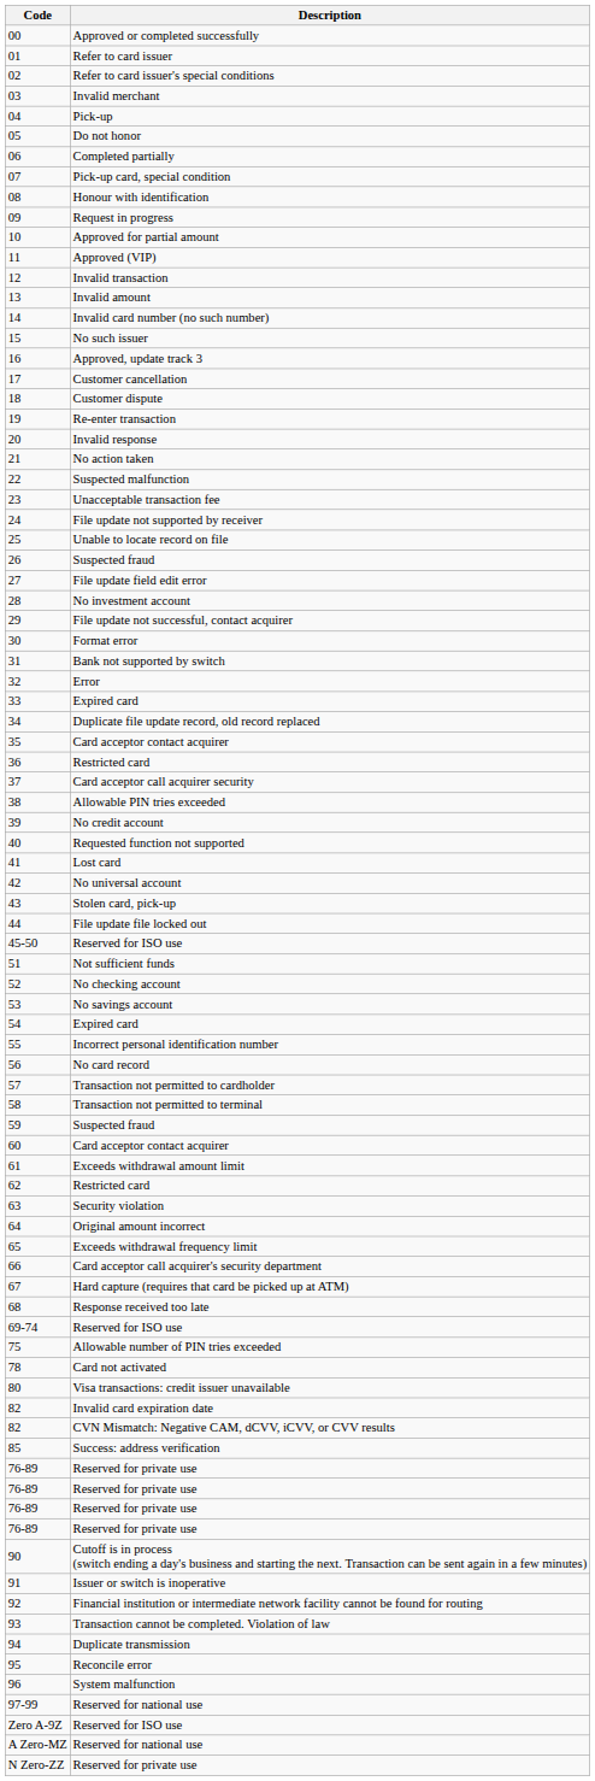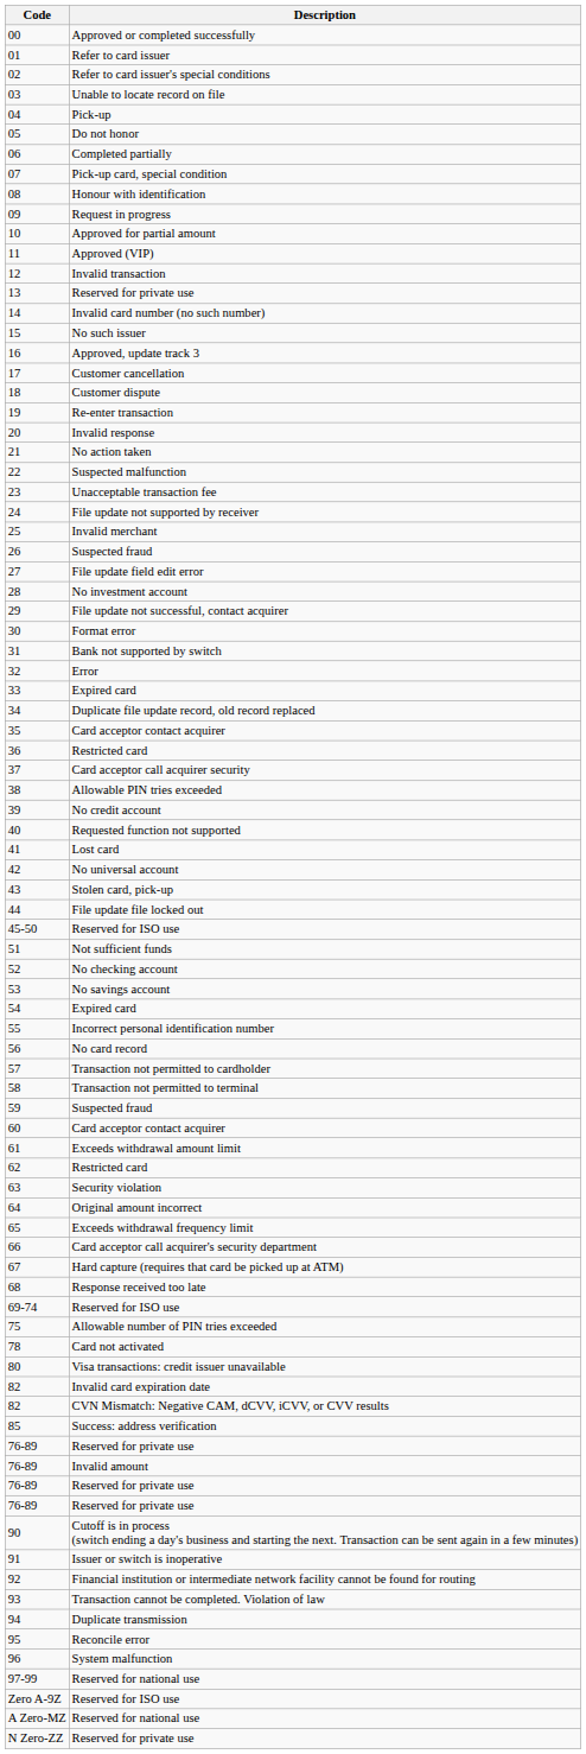 <table class="wikitable">
 <tr>
 <th>Code</th>
 <th>Description</th>
 </tr>
 <tr>
 <td>00</td>
 <td>Approved  or completed successfully</td>
 </tr>
 <tr>
 <td>01</td>
 <td>Refer  to card issuer</td>
 </tr>
 <tr>
 <td>02</td>
 <td>Refer  to card issuer's special conditions</td>
 </tr>
 <tr>
 <td>03</td>
-<td>Invalid  merchant</td>
+<td>Unable  to locate record on file</td>
 </tr>
 <tr>
 <td>04</td>
 <td>Pick-up</td>
 </tr>
 <tr>
 <td>05</td>
 <td>Do  not honor</td>
 </tr>
 <tr>
 <td>06</td>
 <td>Completed  partially</td>
 </tr>
 <tr>
 <td>07</td>
 <td>Pick-up  card, special condition</td>
 </tr>
 <tr>
 <td>08</td>
 <td>Honour  with identification</td>
 </tr>
 <tr>
 <td>09</td>
 <td>Request  in progress</td>
 </tr>
 <tr>
 <td>10</td>
 <td>Approved  for partial amount</td>
 </tr>
 <tr>
 <td>11</td>
 <td>Approved  (VIP)</td>
 </tr>
 <tr>
 <td>12</td>
 <td>Invalid  transaction</td>
 </tr>
 <tr>
 <td>13</td>
-<td>Invalid  amount</td>
+<td>Reserved  for private use</td>
 </tr>
 <tr>
 <td>14</td>
 <td>Invalid  card number (no such number)</td>
 </tr>
 <tr>
 <td>15</td>
 <td>No  such issuer</td>
 </tr>
 <tr>
 <td>16</td>
 <td>Approved,  update track 3</td>
 </tr>
 <tr>
 <td>17</td>
 <td>Customer  cancellation</td>
 </tr>
 <tr>
 <td>18</td>
 <td>Customer  dispute</td>
 </tr>
 <tr>
 <td>19</td>
 <td>Re-enter  transaction</td>
 </tr>
 <tr>
 <td>20</td>
 <td>Invalid  response</td>
 </tr>
 <tr>
 <td>21</td>
 <td>No  action taken</td>
 </tr>
 <tr>
 <td>22</td>
 <td>Suspected  malfunction</td>
 </tr>
 <tr>
 <td>23</td>
 <td>Unacceptable  transaction fee</td>
 </tr>
 <tr>
 <td>24</td>
 <td>File  update not supported by receiver</td>
 </tr>
 <tr>
 <td>25</td>
-<td>Unable  to locate record on file</td>
+<td>Invalid  merchant</td>
 </tr>
 <tr>
 <td>26</td>
 <td>Suspected  fraud</td>
 </tr>
 <tr>
 <td>27</td>
 <td>File  update field edit error</td>
 </tr>
 <tr>
 <td>28</td>
 <td>No  investment account</td>
 </tr>
 <tr>
 <td>29</td>
 <td>File  update not successful, contact acquirer</td>
 </tr>
 <tr>
 <td>30</td>
 <td>Format  error</td>
 </tr>
 <tr>
 <td>31</td>
 <td>Bank  not supported by switch</td>
 </tr>
 <tr>
 <td>32</td>
 <td>Error</td>
 </tr>
 <tr>
 <td>33</td>
 <td>Expired  card</td>
 </tr>
 <tr>
 <td>34</td>
 <td>Duplicate  file update record, old record replaced</td>
 </tr>
 <tr>
 <td>35</td>
 <td>Card  acceptor contact acquirer</td>
 </tr>
 <tr>
 <td>36</td>
 <td>Restricted  card</td>
 </tr>
 <tr>
 <td>37</td>
 <td>Card  acceptor call acquirer security</td>
 </tr>
 <tr>
 <td>38</td>
 <td>Allowable  PIN tries exceeded</td>
 </tr>
 <tr>
 <td>39</td>
 <td>No  credit account</td>
 </tr>
 <tr>
 <td>40</td>
 <td>Requested  function not supported</td>
 </tr>
 <tr>
 <td>41</td>
 <td>Lost  card</td>
 </tr>
 <tr>
 <td>42</td>
 <td>No  universal account</td>
 </tr>
 <tr>
 <td>43</td>
 <td>Stolen  card, pick-up</td>
 </tr>
 <tr>
 <td>44</td>
 <td>File  update file locked out</td>
 </tr>
 <tr>
 <td>45-50</td>
 <td>Reserved  for ISO use</td>
 </tr>
 <tr>
 <td>51</td>
 <td>Not  sufficient funds</td>
 </tr>
 <tr>
 <td>52</td>
 <td>No  checking account</td>
 </tr>
 <tr>
 <td>53</td>
 <td>No  savings account</td>
 </tr>
 <tr>
 <td>54</td>
 <td>Expired  card</td>
 </tr>
 <tr>
 <td>55</td>
 <td>Incorrect  personal identification number</td>
 </tr>
 <tr>
 <td>56</td>
 <td>No  card record</td>
 </tr>
 <tr>
 <td>57</td>
 <td>Transaction  not permitted to cardholder</td>
 </tr>
 <tr>
 <td>58</td>
 <td>Transaction  not permitted to terminal</td>
 </tr>
 <tr>
 <td>59</td>
 <td>Suspected  fraud</td>
 </tr>
 <tr>
 <td>60</td>
 <td>Card  acceptor contact acquirer</td>
 </tr>
 <tr>
 <td>61</td>
 <td>Exceeds  withdrawal amount limit</td>
 </tr>
 <tr>
 <td>62</td>
 <td>Restricted  card</td>
 </tr>
 <tr>
 <td>63</td>
 <td>Security  violation</td>
 </tr>
 <tr>
 <td>64</td>
 <td>Original  amount incorrect</td>
 </tr>
 <tr>
 <td>65</td>
 <td>Exceeds  withdrawal frequency limit</td>
 </tr>
 <tr>
 <td>66</td>
 <td>Card  acceptor call acquirer's security department</td>
 </tr>
 <tr>
 <td>67</td>
 <td>Hard  capture (requires that card be picked up at ATM)</td>
 </tr>
 <tr>
 <td>68</td>
 <td>Response  received too late</td>
 </tr>
 <tr>
 <td>69-74</td>
 <td>Reserved  for ISO use</td>
 </tr>
 <tr>
 <td>75</td>
 <td>Allowable  number of PIN tries exceeded</td>
 </tr>
 <tr>
 <td>78</td>
 <td>Card not activated</td>
 </tr>
 <tr>
 <td>80</td>
 <td>Visa transactions: credit issuer unavailable</td>
 </tr>
 <tr>
 <td>82</td>
 <td>Invalid card expiration date</td>
 </tr>
 <tr>
 <td>82</td>
 <td>CVN Mismatch: Negative CAM, dCVV, iCVV, or CVV results</td>
 </tr>
 <tr>
 <td>85</td>
 <td>Success: address verification</td>
 </tr>
 <tr>
 <td>76-89</td>
 <td>Reserved  for private use</td>
 </tr>
 <tr>
 <td>76-89</td>
-<td>Reserved  for private use</td>
+<td>Invalid  amount</td>
 </tr>
 <tr>
 <td>76-89</td>
 <td>Reserved  for private use</td>
 </tr>
 <tr>
 <td>76-89</td>
 <td>Reserved  for private use</td>
 </tr>
 <tr>
 <td>90</td>
 <td>Cutoff  is in process<br>(switch ending a day's business and starting the next. Transaction can be  sent again in a few minutes)</td>
 </tr>
 <tr>
 <td>91</td>
 <td>Issuer  or switch is inoperative</td>
 </tr>
 <tr>
 <td>92</td>
 <td>Financial  institution or intermediate network facility cannot be found for routing</td>
 </tr>
 <tr>
 <td>93</td>
 <td>Transaction cannot be completed. Violation of law</td>
 </tr>
 <tr>
 <td>94</td>
 <td>Duplicate  transmission</td>
 </tr>
 <tr>
 <td>95</td>
 <td>Reconcile  error</td>
 </tr>
 <tr>
 <td>96</td>
 <td>System  malfunction</td>
 </tr>
 <tr>
 <td>97-99</td>
 <td>Reserved  for national use</td>
 </tr>
 <tr>
 <td>Zero A-9Z</td>
 <td>Reserved  for ISO use</td>
 </tr>
 <tr>
 <td>A Zero-MZ</td>
 <td>Reserved  for national use</td>
 </tr>
 <tr>
 <td>N Zero-ZZ</td>
 <td>Reserved  for private use</td>
 </tr>
 </table>
